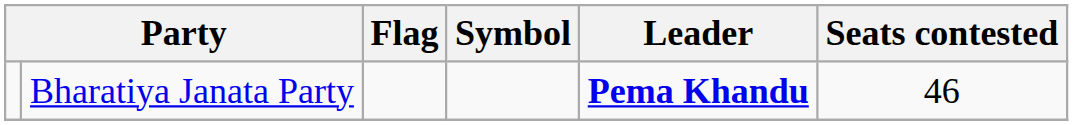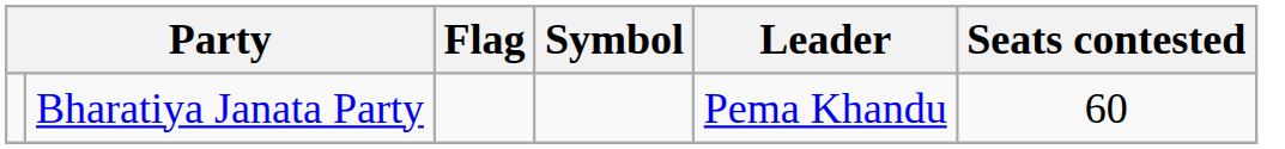 <table class="wikitable" style="text-align:center;">
 <tr>
 <th colspan="2">Party</th>
 <th>Flag</th>
 <th>Symbol</th>
 <th>Leader</th>
 <th>Seats contested</th>
 </tr>
 <tr>
 <td></td>
 <td><a href='#'>Bharatiya Janata Party</a></td>
 <td></td>
 <td></td>
-<td><strong><a href='#'>Pema Khandu</a></strong></td>
-<td>46</td>
+<td><a href='#'>Pema Khandu</a></td>
+<td>60</td>
 </tr>
 <tr>
 </tr>
 </table>
